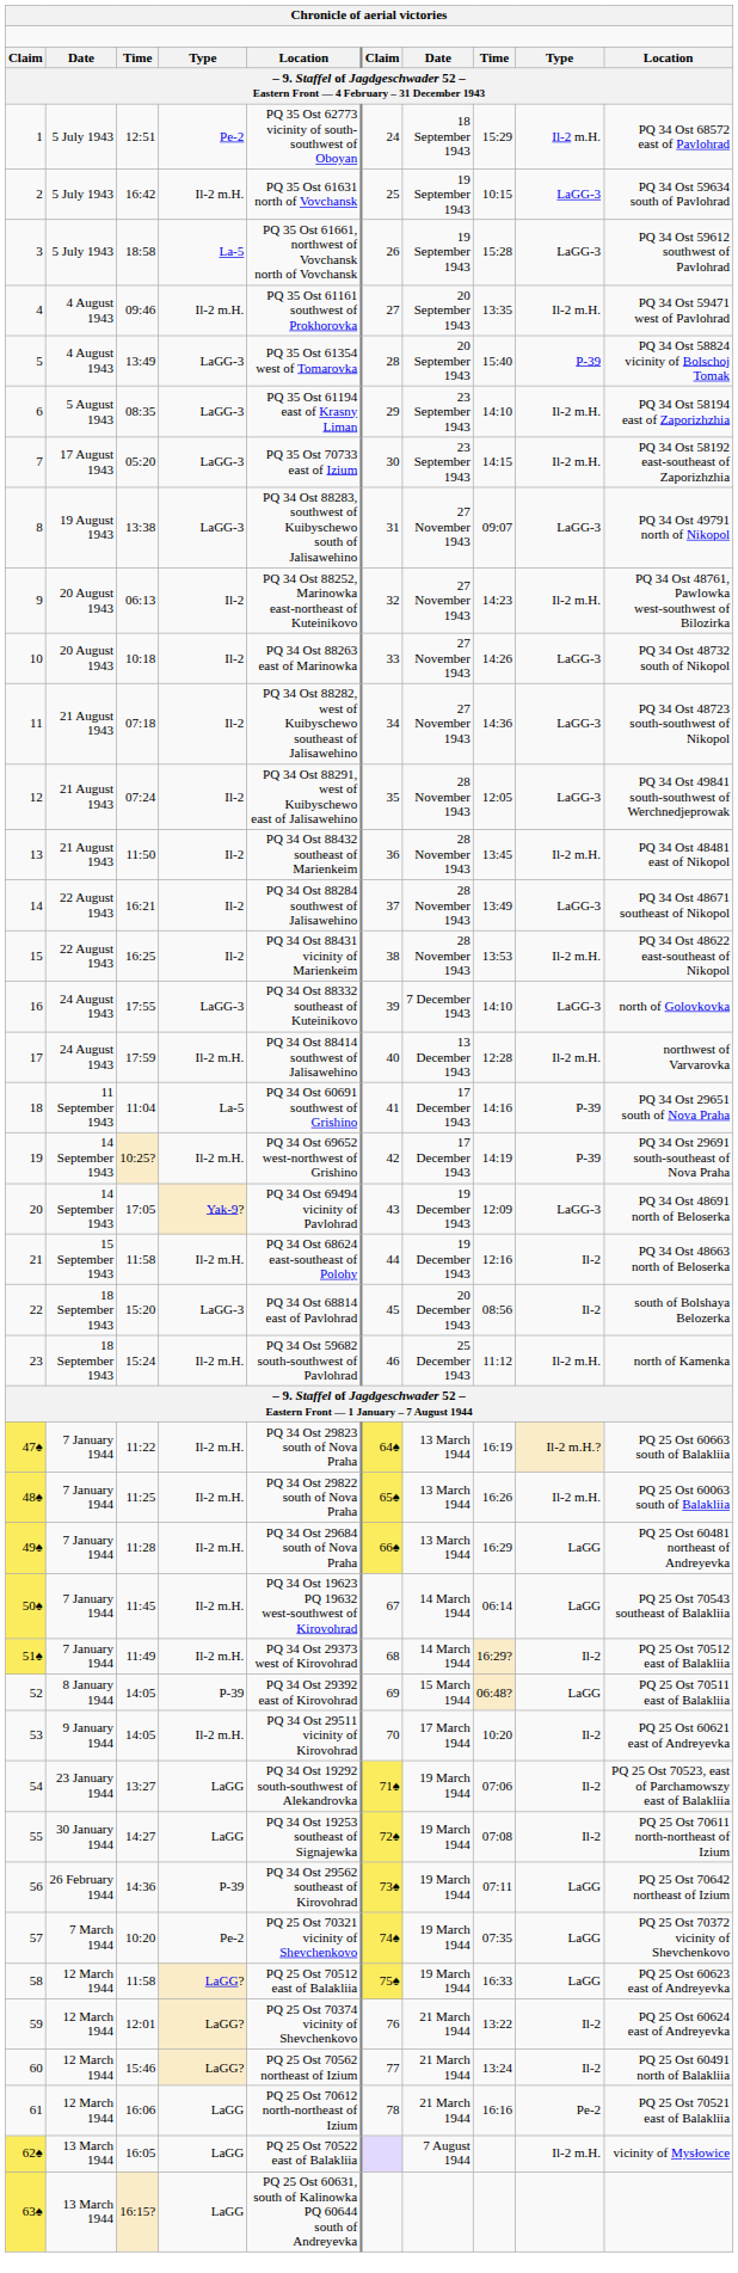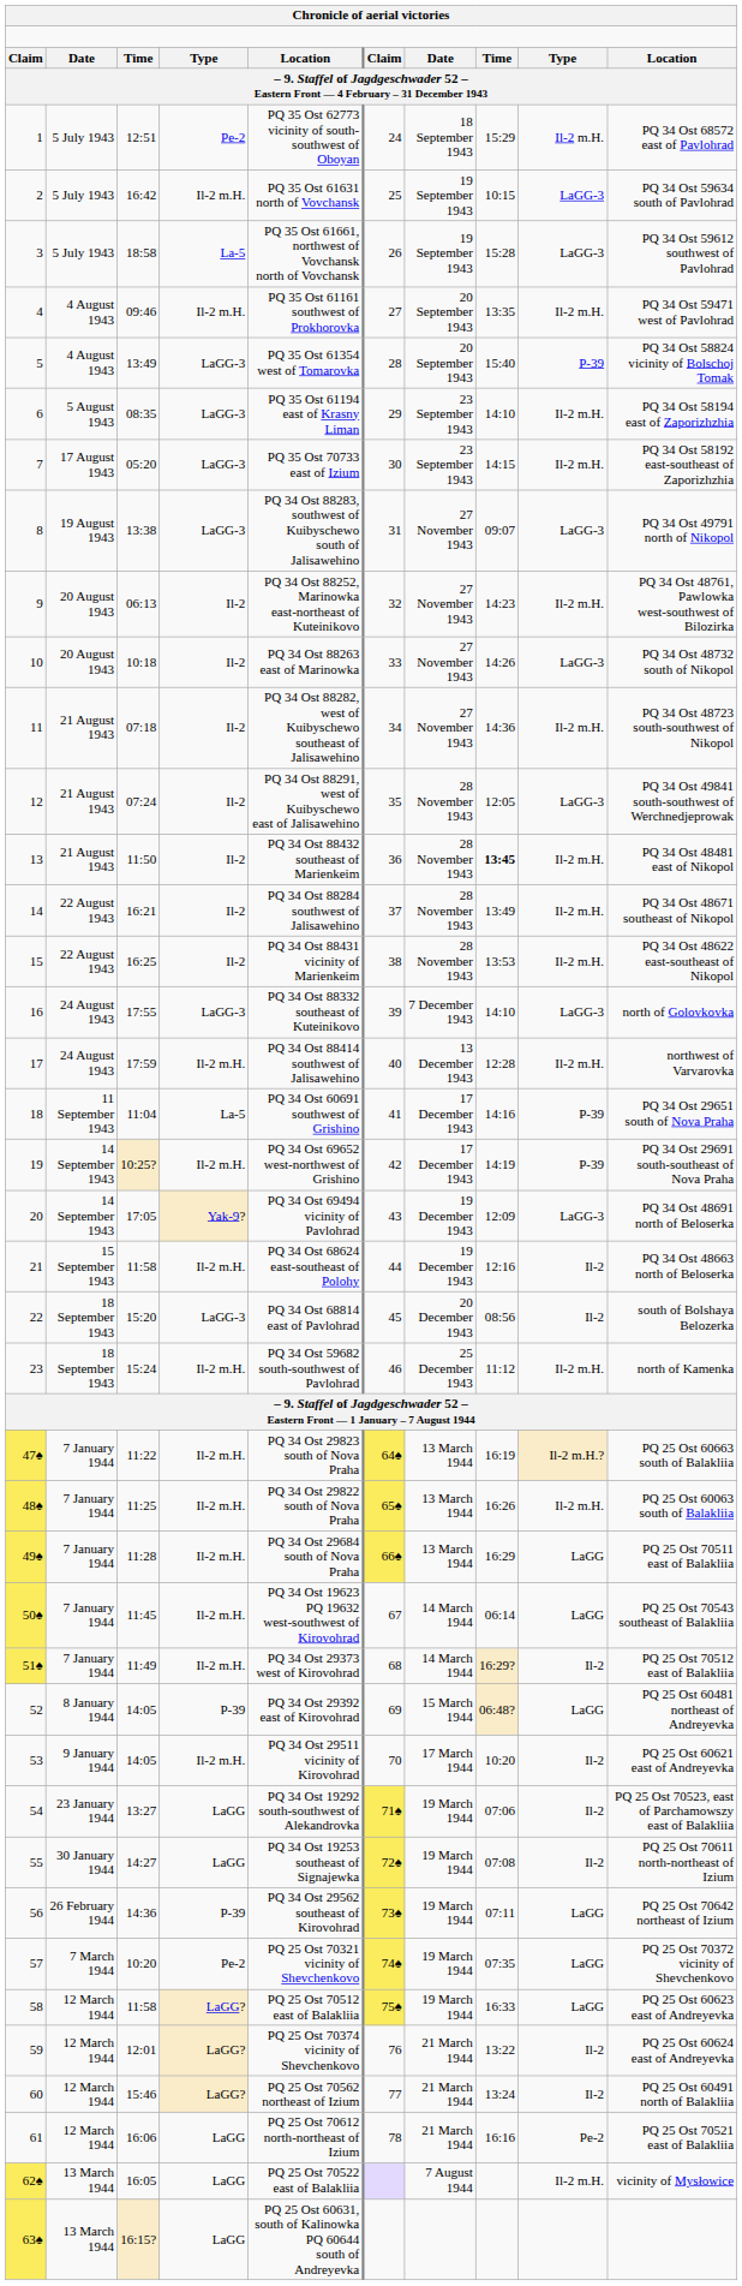 <table class="wikitable plainrowheaders collapsible" style="margin-left: auto; margin-right: auto; border: none; text-align:right; width: 100%;">
 <tr>
 <th colspan="10">Chronicle of aerial victories</th>
 </tr>
 <tr>
 <td colspan="10" style="text-align: left;"><br>  </td>
 </tr>
 <tr>
 <th scope="col">Claim</th>
 <th scope="col">Date</th>
 <th scope="col">Time</th>
 <th scope="col" width="100px">Type</th>
 <th scope="col">Location</th>
 <th scope="col" style="border-left: 3px solid grey;">Claim</th>
 <th scope="col">Date</th>
 <th scope="col">Time</th>
 <th scope="col" width="100px">Type</th>
 <th scope="col">Location</th>
 </tr>
 <tr>
 <th colspan="10">– 9. <em>Staffel</em> of <em>Jagdgeschwader</em> 52 –<br><small>Eastern Front — 4 February – 31 December 1943</small></th>
 </tr>
 <tr>
 <td>1</td>
 <td>5 July 1943</td>
 <td>12:51</td>
 <td><a href='#'>Pe-2</a></td>
 <td>PQ 35 Ost 62773<br>vicinity of  south-southwest of <a href='#'>Oboyan</a></td>
 <td style="border-left: 3px solid grey;">24</td>
 <td>18 September 1943</td>
 <td>15:29</td>
 <td><a href='#'>Il-2</a> m.H.</td>
 <td>PQ 34 Ost 68572<br> east of <a href='#'>Pavlohrad</a></td>
 </tr>
 <tr>
 <td>2</td>
 <td>5 July 1943</td>
 <td>16:42</td>
 <td>Il-2 m.H.</td>
 <td>PQ 35 Ost 61631<br> north of <a href='#'>Vovchansk</a></td>
 <td style="border-left: 3px solid grey;">25</td>
 <td>19 September 1943</td>
 <td>10:15</td>
 <td><a href='#'>LaGG-3</a></td>
 <td>PQ 34 Ost 59634<br> south of Pavlohrad</td>
 </tr>
 <tr>
 <td>3</td>
 <td>5 July 1943</td>
 <td>18:58</td>
 <td><a href='#'>La-5</a></td>
 <td>PQ 35 Ost 61661,  northwest of Vovchansk<br> north of Vovchansk</td>
 <td style="border-left: 3px solid grey;">26</td>
 <td>19 September 1943</td>
 <td>15:28</td>
 <td>LaGG-3</td>
 <td>PQ 34 Ost 59612<br> southwest of Pavlohrad</td>
 </tr>
 <tr>
 <td>4</td>
 <td>4 August 1943</td>
 <td>09:46</td>
 <td>Il-2 m.H.</td>
 <td>PQ 35 Ost 61161<br> southwest of <a href='#'>Prokhorovka</a></td>
 <td style="border-left: 3px solid grey;">27</td>
 <td>20 September 1943</td>
 <td>13:35</td>
 <td>Il-2 m.H.</td>
 <td>PQ 34 Ost 59471<br> west of Pavlohrad</td>
 </tr>
 <tr>
 <td>5</td>
 <td>4 August 1943</td>
 <td>13:49</td>
 <td>LaGG-3</td>
 <td>PQ 35 Ost 61354<br> west of <a href='#'>Tomarovka</a></td>
 <td style="border-left: 3px solid grey;">28</td>
 <td>20 September 1943</td>
 <td>15:40</td>
 <td><a href='#'>P-39</a></td>
 <td>PQ 34 Ost 58824<br>vicinity of <a href='#'>Bolschoj Tomak</a></td>
 </tr>
 <tr>
 <td>6</td>
 <td>5 August 1943</td>
 <td>08:35</td>
 <td>LaGG-3</td>
 <td>PQ 35 Ost 61194<br> east of <a href='#'>Krasny Liman</a></td>
 <td style="border-left: 3px solid grey;">29</td>
 <td>23 September 1943</td>
 <td>14:10</td>
 <td>Il-2 m.H.</td>
 <td>PQ 34 Ost 58194<br> east of <a href='#'>Zaporizhzhia</a></td>
 </tr>
 <tr>
 <td>7</td>
 <td>17 August 1943</td>
 <td>05:20</td>
 <td>LaGG-3</td>
 <td>PQ 35 Ost 70733<br> east of <a href='#'>Izium</a></td>
 <td style="border-left: 3px solid grey;">30</td>
 <td>23 September 1943</td>
 <td>14:15</td>
 <td>Il-2 m.H.</td>
 <td>PQ 34 Ost 58192<br> east-southeast of Zaporizhzhia</td>
 </tr>
 <tr>
 <td>8</td>
 <td>19 August 1943</td>
 <td>13:38</td>
 <td>LaGG-3</td>
 <td>PQ 34 Ost 88283, southwest of Kuibyschewo<br> south of Jalisawehino</td>
 <td style="border-left: 3px solid grey;">31</td>
 <td>27 November 1943</td>
 <td>09:07</td>
 <td>LaGG-3</td>
 <td>PQ 34 Ost 49791<br> north of <a href='#'>Nikopol</a></td>
 </tr>
 <tr>
 <td>9</td>
 <td>20 August 1943</td>
 <td>06:13</td>
 <td>Il-2</td>
 <td>PQ 34 Ost 88252, Marinowka<br> east-northeast of Kuteinikovo</td>
 <td style="border-left: 3px solid grey;">32</td>
 <td>27 November 1943</td>
 <td>14:23</td>
 <td>Il-2 m.H.</td>
 <td>PQ 34 Ost 48761, Pawlowka<br> west-southwest of Bilozirka</td>
 </tr>
 <tr>
 <td>10</td>
 <td>20 August 1943</td>
 <td>10:18</td>
 <td>Il-2</td>
 <td>PQ 34 Ost 88263<br> east of Marinowka</td>
 <td style="border-left: 3px solid grey;">33</td>
 <td>27 November 1943</td>
 <td>14:26</td>
 <td>LaGG-3</td>
 <td>PQ 34 Ost 48732<br> south of Nikopol</td>
 </tr>
 <tr>
 <td>11</td>
 <td>21 August 1943</td>
 <td>07:18</td>
 <td>Il-2</td>
 <td>PQ 34 Ost 88282, west of Kuibyschewo<br> southeast of Jalisawehino</td>
 <td style="border-left: 3px solid grey;">34</td>
 <td>27 November 1943</td>
 <td>14:36</td>
-<td>LaGG-3</td>
+<td>Il-2 m.H.</td>
 <td>PQ 34 Ost 48723<br> south-southwest of Nikopol</td>
 </tr>
 <tr>
 <td>12</td>
 <td>21 August 1943</td>
 <td>07:24</td>
 <td>Il-2</td>
 <td>PQ 34 Ost 88291, west of Kuibyschewo<br> east of Jalisawehino</td>
 <td style="border-left: 3px solid grey;">35</td>
 <td>28 November 1943</td>
 <td>12:05</td>
 <td>LaGG-3</td>
 <td>PQ 34 Ost 49841<br> south-southwest of Werchnedjeprowak</td>
 </tr>
 <tr>
 <td>13</td>
 <td>21 August 1943</td>
 <td>11:50</td>
 <td>Il-2</td>
 <td>PQ 34 Ost 88432<br> southeast of Marienkeim</td>
 <td style="border-left: 3px solid grey;">36</td>
 <td>28 November 1943</td>
-<td>13:45</td>
+<td><strong>13:45</strong></td>
 <td>Il-2 m.H.</td>
 <td>PQ 34 Ost 48481<br> east of Nikopol</td>
 </tr>
 <tr>
 <td>14</td>
 <td>22 August 1943</td>
 <td>16:21</td>
 <td>Il-2</td>
 <td>PQ 34 Ost 88284<br> southwest of Jalisawehino</td>
 <td style="border-left: 3px solid grey;">37</td>
 <td>28 November 1943</td>
 <td>13:49</td>
-<td>LaGG-3</td>
+<td>Il-2 m.H.</td>
 <td>PQ 34 Ost 48671<br> southeast of Nikopol</td>
 </tr>
 <tr>
 <td>15</td>
 <td>22 August 1943</td>
 <td>16:25</td>
 <td>Il-2</td>
 <td>PQ 34 Ost 88431<br>vicinity of Marienkeim</td>
 <td style="border-left: 3px solid grey;">38</td>
 <td>28 November 1943</td>
 <td>13:53</td>
 <td>Il-2 m.H.</td>
 <td>PQ 34 Ost 48622<br> east-southeast of Nikopol</td>
 </tr>
 <tr>
 <td>16</td>
 <td>24 August 1943</td>
 <td>17:55</td>
 <td>LaGG-3</td>
 <td>PQ 34 Ost 88332<br> southeast of Kuteinikovo</td>
 <td style="border-left: 3px solid grey;">39</td>
 <td>7 December 1943</td>
 <td>14:10</td>
 <td>LaGG-3</td>
 <td>north of <a href='#'>Golovkovka</a></td>
 </tr>
 <tr>
 <td>17</td>
 <td>24 August 1943</td>
 <td>17:59</td>
 <td>Il-2 m.H.</td>
 <td>PQ 34 Ost 88414<br> southwest of Jalisawehino</td>
 <td style="border-left: 3px solid grey;">40</td>
 <td>13 December 1943</td>
 <td>12:28</td>
 <td>Il-2 m.H.</td>
 <td>northwest of Varvarovka</td>
 </tr>
 <tr>
 <td>18</td>
 <td>11 September 1943</td>
 <td>11:04</td>
 <td>La-5</td>
 <td>PQ 34 Ost 60691<br> southwest of <a href='#'>Grishino</a></td>
 <td style="border-left: 3px solid grey;">41</td>
 <td>17 December 1943</td>
 <td>14:16</td>
 <td>P-39</td>
 <td>PQ 34 Ost 29651<br> south of <a href='#'>Nova Praha</a></td>
 </tr>
 <tr>
 <td>19</td>
 <td>14 September 1943</td>
 <td style="background:#faecc8">10:25?</td>
 <td>Il-2 m.H.</td>
 <td>PQ 34 Ost 69652<br> west-northwest of Grishino</td>
 <td style="border-left: 3px solid grey;">42</td>
 <td>17 December 1943</td>
 <td>14:19</td>
 <td>P-39</td>
 <td>PQ 34 Ost 29691<br> south-southeast of Nova Praha</td>
 </tr>
 <tr>
 <td>20</td>
 <td>14 September 1943</td>
 <td>17:05</td>
 <td style="background:#faecc8"><a href='#'>Yak-9</a>?</td>
 <td>PQ 34 Ost 69494<br>vicinity of Pavlohrad</td>
 <td style="border-left: 3px solid grey;">43</td>
 <td>19 December 1943</td>
 <td>12:09</td>
 <td>LaGG-3</td>
 <td>PQ 34 Ost 48691<br> north of Beloserka</td>
 </tr>
 <tr>
 <td>21</td>
 <td>15 September 1943</td>
 <td>11:58</td>
 <td>Il-2 m.H.</td>
 <td>PQ 34 Ost 68624<br> east-southeast of <a href='#'>Polohy</a></td>
 <td style="border-left: 3px solid grey;">44</td>
 <td>19 December 1943</td>
 <td>12:16</td>
 <td>Il-2</td>
 <td>PQ 34 Ost 48663<br> north of Beloserka</td>
 </tr>
 <tr>
 <td>22</td>
 <td>18 September 1943</td>
 <td>15:20</td>
 <td>LaGG-3</td>
 <td>PQ 34 Ost 68814<br> east of Pavlohrad</td>
 <td style="border-left: 3px solid grey;">45</td>
 <td>20 December 1943</td>
 <td>08:56</td>
 <td>Il-2</td>
 <td>south of Bolshaya Belozerka</td>
 </tr>
 <tr>
 <td>23</td>
 <td>18 September 1943</td>
 <td>15:24</td>
 <td>Il-2 m.H.</td>
 <td>PQ 34 Ost 59682<br> south-southwest of Pavlohrad</td>
 <td style="border-left: 3px solid grey;">46</td>
 <td>25 December 1943</td>
 <td>11:12</td>
 <td>Il-2 m.H.</td>
 <td>north of Kamenka</td>
 </tr>
 <tr>
 <th colspan="10">– 9. <em>Staffel</em> of <em>Jagdgeschwader</em> 52 –<br><small>Eastern Front — 1 January – 7 August 1944</small></th>
 </tr>
 <tr>
 <td style="background:#fbec5d;">47♠</td>
 <td>7 January 1944</td>
 <td>11:22</td>
 <td>Il-2 m.H.</td>
 <td>PQ 34 Ost 29823<br> south of Nova Praha</td>
 <td style="border-left: 3px solid grey; background:#fbec5d;">64♠</td>
 <td>13 March 1944</td>
 <td>16:19</td>
 <td style="background:#faecc8">Il-2 m.H.?</td>
 <td>PQ 25 Ost 60663<br> south of Balakliia</td>
 </tr>
 <tr>
 <td style="background:#fbec5d;">48♠</td>
 <td>7 January 1944</td>
 <td>11:25</td>
 <td>Il-2 m.H.</td>
 <td>PQ 34 Ost 29822<br> south of Nova Praha</td>
 <td style="border-left: 3px solid grey; background:#fbec5d;">65♠</td>
 <td>13 March 1944</td>
 <td>16:26</td>
 <td>Il-2 m.H.</td>
 <td>PQ 25 Ost 60063<br> south of <a href='#'>Balakliia</a></td>
 </tr>
 <tr>
 <td style="background:#fbec5d;">49♠</td>
 <td>7 January 1944</td>
 <td>11:28</td>
 <td>Il-2 m.H.</td>
 <td>PQ 34 Ost 29684<br> south of Nova Praha</td>
 <td style="border-left: 3px solid grey; background:#fbec5d;">66♠</td>
 <td>13 March 1944</td>
 <td>16:29</td>
 <td>LaGG</td>
-<td>PQ 25 Ost 60481<br> northeast of Andreyevka</td>
+<td>PQ 25 Ost 70511<br> east of Balakliia</td>
 </tr>
 <tr>
 <td style="background:#fbec5d;">50♠</td>
 <td>7 January 1944</td>
 <td>11:45</td>
 <td>Il-2 m.H.</td>
 <td>PQ 34 Ost 19623<br>PQ 19632<br> west-southwest of <a href='#'>Kirovohrad</a></td>
 <td style="border-left: 3px solid grey;">67</td>
 <td>14 March 1944</td>
 <td>06:14</td>
 <td>LaGG</td>
 <td>PQ 25 Ost 70543<br> southeast of Balakliia</td>
 </tr>
 <tr>
 <td style="background:#fbec5d;">51♠</td>
 <td>7 January 1944</td>
 <td>11:49</td>
 <td>Il-2 m.H.</td>
 <td>PQ 34 Ost 29373<br> west of Kirovohrad</td>
 <td style="border-left: 3px solid grey;">68</td>
 <td>14 March 1944</td>
 <td style="background:#faecc8">16:29?</td>
 <td>Il-2</td>
 <td>PQ 25 Ost 70512<br> east of Balakliia</td>
 </tr>
 <tr>
 <td>52</td>
 <td>8 January 1944</td>
 <td>14:05</td>
 <td>P-39</td>
 <td>PQ 34 Ost 29392<br> east of Kirovohrad</td>
 <td style="border-left: 3px solid grey;">69</td>
 <td>15 March 1944</td>
 <td style="background:#faecc8">06:48?</td>
 <td>LaGG</td>
-<td>PQ 25 Ost 70511<br> east of Balakliia</td>
+<td>PQ 25 Ost 60481<br> northeast of Andreyevka</td>
 </tr>
 <tr>
 <td>53</td>
 <td>9 January 1944</td>
 <td>14:05</td>
 <td>Il-2 m.H.</td>
 <td>PQ 34 Ost 29511<br>vicinity of Kirovohrad</td>
 <td style="border-left: 3px solid grey;">70</td>
 <td>17 March 1944</td>
 <td>10:20</td>
 <td>Il-2</td>
 <td>PQ 25 Ost 60621<br> east of Andreyevka</td>
 </tr>
 <tr>
 <td>54</td>
 <td>23 January 1944</td>
 <td>13:27</td>
 <td>LaGG</td>
 <td>PQ 34 Ost 19292<br> south-southwest of Alekandrovka</td>
 <td style="border-left: 3px solid grey; background:#fbec5d;">71♠</td>
 <td>19 March 1944</td>
 <td>07:06</td>
 <td>Il-2</td>
 <td>PQ 25 Ost 70523, east of Parchamowszy<br> east of Balakliia</td>
 </tr>
 <tr>
 <td>55</td>
 <td>30 January 1944</td>
 <td>14:27</td>
 <td>LaGG</td>
 <td>PQ 34 Ost 19253<br> southeast of Signajewka</td>
 <td style="border-left: 3px solid grey; background:#fbec5d;">72♠</td>
 <td>19 March 1944</td>
 <td>07:08</td>
 <td>Il-2</td>
 <td>PQ 25 Ost 70611<br> north-northeast of Izium</td>
 </tr>
 <tr>
 <td>56</td>
 <td>26 February 1944</td>
 <td>14:36</td>
 <td>P-39</td>
 <td>PQ 34 Ost 29562<br> southeast of Kirovohrad</td>
 <td style="border-left: 3px solid grey; background:#fbec5d;">73♠</td>
 <td>19 March 1944</td>
 <td>07:11</td>
 <td>LaGG</td>
 <td>PQ 25 Ost 70642<br> northeast of Izium</td>
 </tr>
 <tr>
 <td>57</td>
 <td>7 March 1944</td>
 <td>10:20</td>
 <td>Pe-2</td>
 <td>PQ 25 Ost 70321<br>vicinity of <a href='#'>Shevchenkovo</a></td>
 <td style="border-left: 3px solid grey; background:#fbec5d;">74♠</td>
 <td>19 March 1944</td>
 <td>07:35</td>
 <td>LaGG</td>
 <td>PQ 25 Ost 70372<br>vicinity of Shevchenkovo</td>
 </tr>
 <tr>
 <td>58</td>
 <td>12 March 1944</td>
 <td>11:58</td>
 <td style="background:#faecc8"><a href='#'>LaGG</a>?</td>
 <td>PQ 25 Ost 70512<br> east of Balakliia</td>
 <td style="border-left: 3px solid grey; background:#fbec5d;">75♠</td>
 <td>19 March 1944</td>
 <td>16:33</td>
 <td>LaGG</td>
 <td>PQ 25 Ost 60623<br> east of Andreyevka</td>
 </tr>
 <tr>
 <td>59</td>
 <td>12 March 1944</td>
 <td>12:01</td>
 <td style="background:#faecc8">LaGG?</td>
 <td>PQ 25 Ost 70374<br>vicinity of Shevchenkovo</td>
 <td style="border-left: 3px solid grey;">76</td>
 <td>21 March 1944</td>
 <td>13:22</td>
 <td>Il-2</td>
 <td>PQ 25 Ost 60624<br> east of Andreyevka</td>
 </tr>
 <tr>
 <td>60</td>
 <td>12 March 1944</td>
 <td>15:46</td>
 <td style="background:#faecc8">LaGG?</td>
 <td>PQ 25 Ost 70562<br> northeast of Izium</td>
 <td style="border-left: 3px solid grey;">77</td>
 <td>21 March 1944</td>
 <td>13:24</td>
 <td>Il-2</td>
 <td>PQ 25 Ost 60491<br> north of Balakliia</td>
 </tr>
 <tr>
 <td>61</td>
 <td>12 March 1944</td>
 <td>16:06</td>
 <td>LaGG</td>
 <td>PQ 25 Ost 70612<br> north-northeast of Izium</td>
 <td style="border-left: 3px solid grey;">78</td>
 <td>21 March 1944</td>
 <td>16:16</td>
 <td>Pe-2</td>
 <td>PQ 25 Ost 70521<br> east of Balakliia</td>
 </tr>
 <tr>
 <td style="background:#fbec5d;">62♠</td>
 <td>13 March 1944</td>
 <td>16:05</td>
 <td>LaGG</td>
 <td>PQ 25 Ost 70522<br> east of Balakliia</td>
 <td style="border-left: 3px solid grey; background:#e3d9ff;"></td>
 <td>7 August 1944</td>
 <td></td>
 <td>Il-2 m.H.</td>
 <td>vicinity of <a href='#'>Mysłowice</a></td>
 </tr>
 <tr>
 <td style="background:#fbec5d;">63♠</td>
 <td>13 March 1944</td>
 <td style="background:#faecc8">16:15?</td>
 <td>LaGG</td>
 <td>PQ 25 Ost 60631, south of Kalinowka<br>PQ 60644<br> south of Andreyevka</td>
 <td style="border-left: 3px solid grey;"></td>
 <td></td>
 <td></td>
 <td></td>
 <td></td>
 </tr>
 </table>
